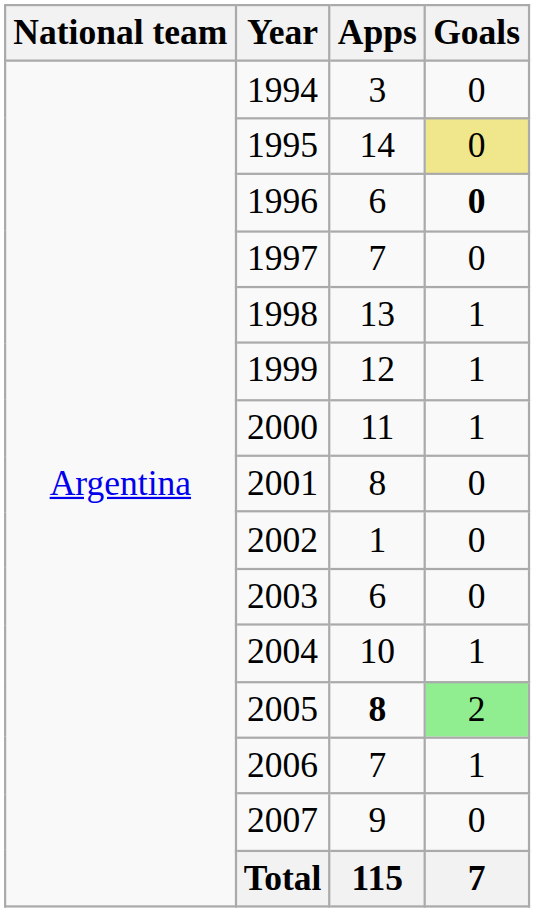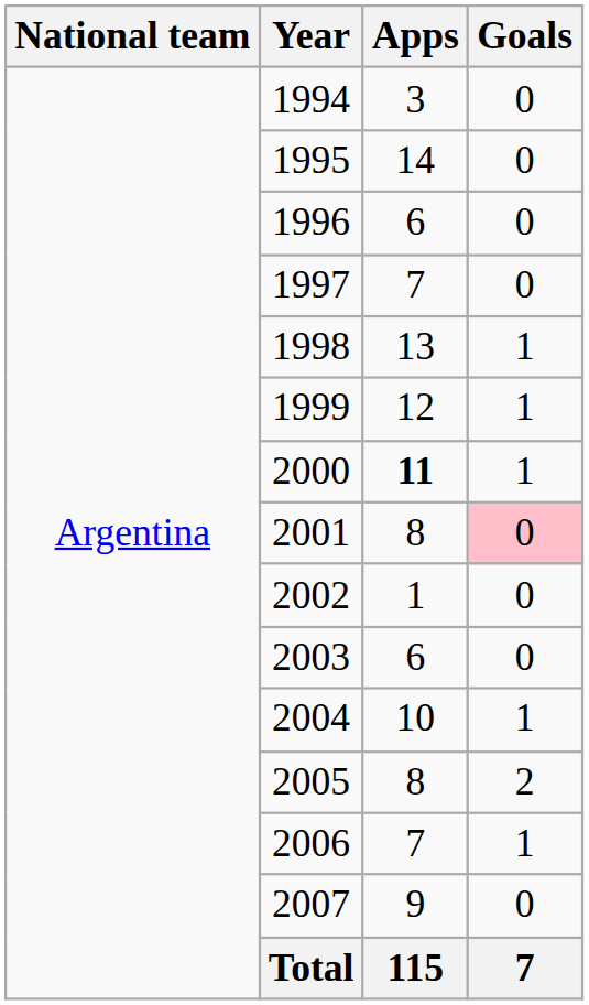 <table class="wikitable" style="text-align:center">
 <tr>
 <th>National team</th>
 <th>Year</th>
 <th>Apps</th>
 <th>Goals</th>
 </tr>
 <tr>
 <td rowspan="15"><a href='#'>Argentina</a></td>
 <td>1994</td>
 <td>3</td>
 <td>0</td>
 </tr>
 <tr>
 <td>1995</td>
 <td>14</td>
-<td style="background: khaki;">0</td>
+<td>0</td>
 </tr>
 <tr>
 <td>1996</td>
 <td>6</td>
-<td><strong>0</strong></td>
+<td>0</td>
 </tr>
 <tr>
 <td>1997</td>
 <td>7</td>
 <td>0</td>
 </tr>
 <tr>
 <td>1998</td>
 <td>13</td>
 <td>1</td>
 </tr>
 <tr>
 <td>1999</td>
 <td>12</td>
 <td>1</td>
 </tr>
 <tr>
 <td>2000</td>
-<td>11</td>
+<td><strong>11</strong></td>
 <td>1</td>
 </tr>
 <tr>
 <td>2001</td>
 <td>8</td>
-<td>0</td>
+<td style="background: pink;">0</td>
 </tr>
 <tr>
 <td>2002</td>
 <td>1</td>
 <td>0</td>
 </tr>
 <tr>
 <td>2003</td>
 <td>6</td>
 <td>0</td>
 </tr>
 <tr>
 <td>2004</td>
 <td>10</td>
 <td>1</td>
 </tr>
 <tr>
 <td>2005</td>
-<td><strong>8</strong></td>
-<td style="background: lightgreen;">2</td>
+<td>8</td>
+<td>2</td>
 </tr>
 <tr>
 <td>2006</td>
 <td>7</td>
 <td>1</td>
 </tr>
 <tr>
 <td>2007</td>
 <td>9</td>
 <td>0</td>
 </tr>
 <tr>
 <th>Total</th>
 <th>115</th>
 <th>7</th>
 </tr>
 </table>
